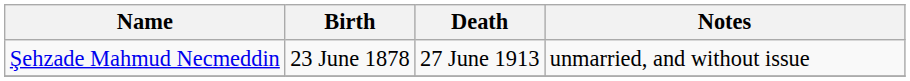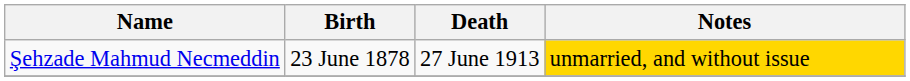 <table class="wikitable">
 <tr>
 <th>Name</th>
 <th>Birth</th>
 <th>Death</th>
 <th style="width:40%;">Notes</th>
 </tr>
 <tr>
 <td><a href='#'>Şehzade Mahmud Necmeddin</a></td>
 <td>23 June 1878</td>
 <td>27 June 1913</td>
-<td>unmarried, and without issue</td>
+<td style="background: gold;">unmarried, and without issue</td>
 </tr>
 <tr>
 </tr>
 </table>
